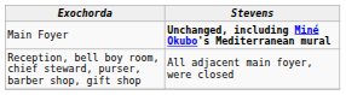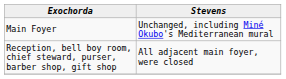 <table class="wikitable">
 <tr>
 <th style="background:#efefef; text-align:center; "><strong><em>Exochorda</em></strong></th>
 <th style="background:#efefef; text-align:center; "><strong><em>Stevens</em></strong></th>
 </tr>
 <tr>
 <td width=200px>Main Foyer</td>
-<td width=220px><strong>Unchanged, including <a href='#'>Miné Okubo</a>'s Mediterranean mural</strong></td>
+<td width=220px>Unchanged, including <a href='#'>Miné Okubo</a>'s Mediterranean mural</td>
 </tr>
 <tr>
 <td width=200px>Reception, bell boy room, chief steward, purser, barber shop, gift shop</td>
 <td width=220px>All adjacent main foyer, were closed</td>
 </tr>
 <tr>
 </tr>
 </table>
